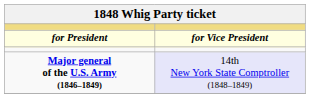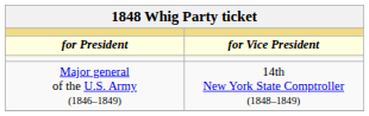 <table class="wikitable" style="font-size:90%; text-align:center;">
 <tr>
 <td style="background:#f1f1f1;" colspan="30"><big><strong>1848 Whig Party ticket</strong></big></td>
 </tr>
 <tr>
 <th style="width:3em; font-size:135%; background:#F0DC82; width:200px;"><a href='#'></a></th>
 <th style="width:3em; font-size:135%; background:#F0DC82; width:200px;"><a href='#'></a></th>
 </tr>
 <tr style="color:#000000; font-size:100%; background:#F0DC82;">
 <td style="width:3em; font-size:100%; color:#000; background:lightyellow; width:200px;"><strong><em>for President</em></strong></td>
 <td style="width:3em; font-size:100%; color:#000; background:lightyellow; width:200px;"><strong><em>for Vice President</em></strong></td>
 </tr>
 <tr>
 <td></td>
 <td></td>
 </tr>
 <tr>
-<td><strong><a href='#'>Major general</a><br>of the <a href='#'>U.S. Army</a><br><small>(1846–1849)</small></strong></td>
-<td style="background: lavender;">14th<br><a href='#'>New York State Comptroller</a><br><small>(1848–1849)</small></td>
+<td><a href='#'>Major general</a><br>of the <a href='#'>U.S. Army</a><br><small>(1846–1849)</small></td>
+<td>14th<br><a href='#'>New York State Comptroller</a><br><small>(1848–1849)</small></td>
 </tr>
 <tr>
 </tr>
 </table>
